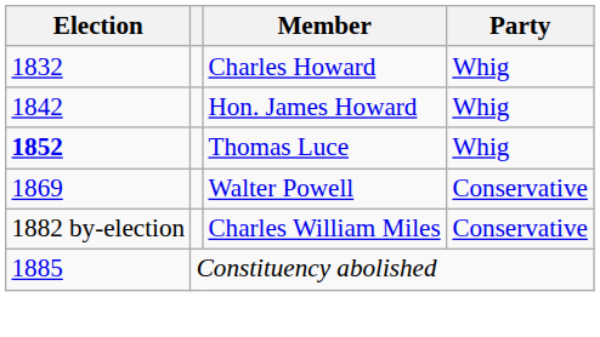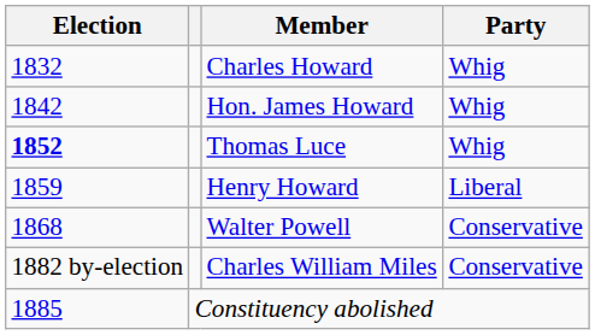 <table class="wikitable">
 <tr>
 <th>Election</th>
 <th></th>
 <th>Member</th>
 <th>Party</th>
 </tr>
 <tr>
 <td><a href='#'>1832</a></td>
 <td style="color:inherit;background-color: "></td>
 <td><a href='#'>Charles Howard</a></td>
 <td><a href='#'>Whig</a></td>
 </tr>
 <tr>
 <td><a href='#'>1842</a></td>
 <td style="color:inherit;background-color: "></td>
 <td><a href='#'>Hon. James Howard</a></td>
 <td><a href='#'>Whig</a></td>
 </tr>
 <tr>
 <td><strong><a href='#'>1852</a></strong></td>
 <td style="color:inherit;background-color: "></td>
 <td><a href='#'>Thomas Luce</a></td>
 <td><a href='#'>Whig</a></td>
 </tr>
 <tr>
-<td><a href='#'>1869</a></td>
+<td><a href='#'>1859</a></td>
+<td style="color:inherit;background-color: "></td>
+<td><a href='#'>Henry Howard</a></td>
+<td><a href='#'>Liberal</a></td>
+</tr>
+<tr>
+<td><a href='#'>1868</a></td>
 <td style="color:inherit;background-color: "></td>
 <td><a href='#'>Walter Powell</a></td>
 <td><a href='#'>Conservative</a></td>
 </tr>
 <tr>
 <td>1882 by-election</td>
 <td style="color:inherit;background-color: "></td>
 <td><a href='#'>Charles William Miles</a></td>
 <td><a href='#'>Conservative</a></td>
 </tr>
 <tr>
 <td><a href='#'>1885</a></td>
 <td colspan="3"><em>Constituency abolished</em></td>
 </tr>
 </table>
